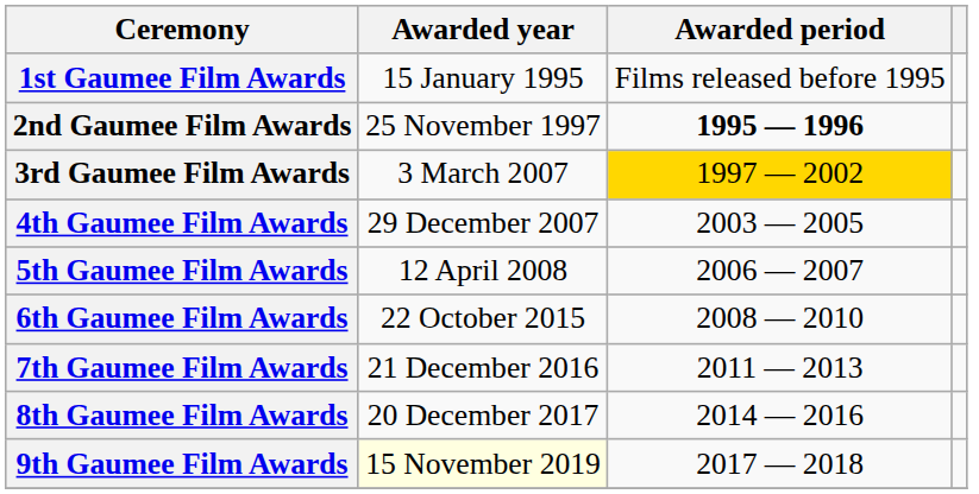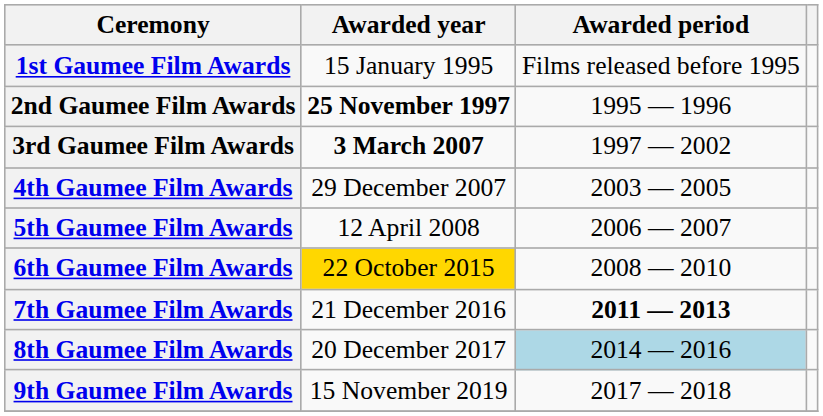 <table class="wikitable">
 <tr>
 <th>Ceremony</th>
 <th>Awarded year</th>
 <th>Awarded period</th>
 <th scope="col" class="unsortable"></th>
 </tr>
 <tr>
 <th scope="row"><a href='#'>1st Gaumee Film Awards</a></th>
 <td style="text-align: center;">15 January 1995</td>
 <td style="text-align: center;">Films released before 1995</td>
 <td style="text-align: center;"></td>
 </tr>
 <tr>
 <th scope="row">2nd Gaumee Film Awards</th>
-<td style="text-align: center;">25 November 1997</td>
-<td style="text-align: center;"><strong>1995 — 1996</strong></td>
+<td style="text-align: center;"><strong>25 November 1997</strong></td>
+<td style="text-align: center;">1995 — 1996</td>
 <td style="text-align: center;"></td>
 </tr>
 <tr>
 <th scope="row">3rd Gaumee Film Awards</th>
-<td style="text-align: center;">3 March 2007</td>
-<td style="background: gold; text-align: center;">1997 — 2002</td>
+<td style="text-align: center;"><strong>3 March 2007</strong></td>
+<td style="text-align: center;">1997 — 2002</td>
 <td style="text-align: center;"></td>
 </tr>
 <tr>
 <th scope="row"><a href='#'>4th Gaumee Film Awards</a></th>
 <td style="text-align: center;">29 December 2007</td>
 <td style="text-align: center;">2003 — 2005</td>
 <td style="text-align: center;"></td>
 </tr>
 <tr>
 <th scope="row"><a href='#'>5th Gaumee Film Awards</a></th>
 <td style="text-align: center;">12 April 2008</td>
 <td style="text-align: center;">2006 — 2007</td>
 <td style="text-align: center;"></td>
 </tr>
 <tr>
 <th scope="row"><a href='#'>6th Gaumee Film Awards</a></th>
-<td style="text-align: center;">22 October 2015</td>
+<td style="background: gold; text-align: center;">22 October 2015</td>
 <td style="text-align: center;">2008 — 2010</td>
 <td style="text-align: center;"></td>
 </tr>
 <tr>
 <th scope="row"><a href='#'>7th Gaumee Film Awards</a></th>
 <td style="text-align: center;">21 December 2016</td>
-<td style="text-align: center;">2011 — 2013</td>
+<td style="text-align: center;"><strong>2011 — 2013</strong></td>
 <td style="text-align: center;"></td>
 </tr>
 <tr>
 <th scope="row"><a href='#'>8th Gaumee Film Awards</a></th>
 <td style="text-align: center;">20 December 2017</td>
-<td style="text-align: center;">2014 — 2016</td>
+<td style="background: lightblue; text-align: center;">2014 — 2016</td>
 <td style="text-align: center;"></td>
 </tr>
 <tr>
 <th scope="row"><a href='#'>9th Gaumee Film Awards</a></th>
-<td style="background: lightyellow; text-align: center;">15 November 2019</td>
+<td style="text-align: center;">15 November 2019</td>
 <td style="text-align: center;">2017 — 2018</td>
 <td style="text-align: center;"></td>
 </tr>
 <tr>
 </tr>
 </table>
